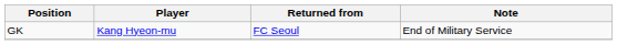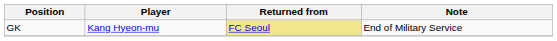 <table class="wikitable sortable" style="width:70%; text-align:center; font-size:100%; text-align:left;">
 <tr>
 <th>Position</th>
 <th>Player</th>
 <th>Returned from</th>
 <th>Note</th>
 </tr>
 <tr>
 <td>GK</td>
 <td> <a href='#'>Kang Hyeon-mu</a></td>
-<td> <a href='#'>FC Seoul</a></td>
+<td style="background: khaki;"> <a href='#'>FC Seoul</a></td>
 <td>End of Military Service</td>
 </tr>
 <tr>
 </tr>
 </table>
